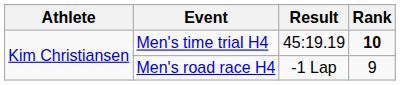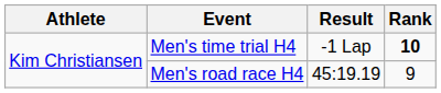 <table class=wikitable style="font-size:90%">
 <tr>
 <th>Athlete</th>
 <th>Event</th>
 <th>Result</th>
 <th>Rank</th>
 </tr>
 <tr align=center>
 <td align=left rowspan=2><a href='#'>Kim Christiansen</a></td>
 <td align=left><a href='#'>Men's time trial H4</a></td>
-<td>45:19.19</td>
+<td>-1 Lap</td>
 <td><strong>10</strong></td>
 </tr>
 <tr align=center>
 <td align=left><a href='#'>Men's road race H4</a></td>
-<td>-1 Lap</td>
+<td>45:19.19</td>
 <td>9</td>
 </tr>
 </table>
